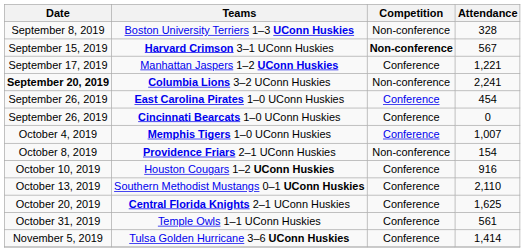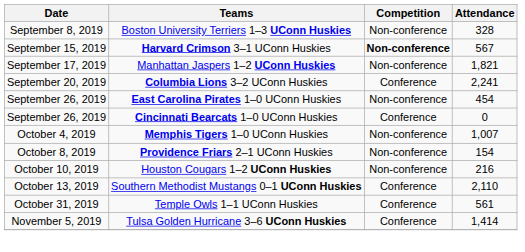 <table class="wikitable" style="font-size: 95%;text-align: center;">
 <tr>
 <th>Date</th>
 <th>Teams</th>
 <th>Competition</th>
 <th>Attendance</th>
 </tr>
 <tr>
 <td>September 8, 2019</td>
 <td><a href='#'>Boston University Terriers</a> 1–3 <strong><a href='#'>UConn Huskies</a></strong></td>
 <td>Non-conference</td>
 <td>328</td>
 </tr>
 <tr>
 <td>September 15, 2019</td>
 <td><strong><a href='#'>Harvard Crimson</a></strong> 3–1 UConn Huskies</td>
 <td><strong>Non-conference</strong></td>
 <td>567</td>
 </tr>
 <tr>
 <td>September 17, 2019</td>
 <td><a href='#'>Manhattan Jaspers</a> 1–2 <strong><a href='#'>UConn Huskies</a></strong></td>
-<td>Conference</td>
-<td>1,221</td>
+<td>Non-conference</td>
+<td>1,821</td>
 </tr>
 <tr>
-<td><strong>September 20, 2019</strong></td>
+<td>September 20, 2019</td>
 <td><strong><a href='#'>Columbia Lions</a></strong> 3–2 UConn Huskies</td>
-<td>Non-conference</td>
+<td>Conference</td>
 <td>2,241</td>
 </tr>
 <tr>
 <td>September 26, 2019</td>
 <td><strong><a href='#'>East Carolina Pirates</a></strong> 1–0 UConn Huskies</td>
-<td><a href='#'>Conference</a></td>
+<td>Non-conference</td>
 <td>454</td>
 </tr>
 <tr>
 <td>September 26, 2019</td>
 <td><strong><a href='#'>Cincinnati Bearcats</a></strong> 1–0 UConn Huskies</td>
 <td>Conference</td>
 <td>0</td>
 </tr>
 <tr>
 <td>October 4, 2019</td>
 <td><strong><a href='#'>Memphis Tigers</a></strong> 1–0 UConn Huskies</td>
-<td><a href='#'>Conference</a></td>
+<td>Non-conference</td>
 <td>1,007</td>
 </tr>
 <tr>
 <td>October 8, 2019</td>
 <td><strong><a href='#'>Providence Friars</a></strong> 2–1 UConn Huskies</td>
 <td>Non-conference</td>
 <td>154</td>
 </tr>
 <tr>
 <td>October 10, 2019</td>
 <td><a href='#'>Houston Cougars</a> 1–2 <strong>UConn Huskies</strong></td>
-<td>Conference</td>
-<td>916</td>
+<td>Non-conference</td>
+<td>216</td>
 </tr>
 <tr>
 <td>October 13, 2019</td>
 <td><a href='#'>Southern Methodist Mustangs</a> 0–1 <strong>UConn Huskies</strong></td>
 <td>Conference</td>
 <td>2,110</td>
-</tr>
-<tr>
-<td>October 20, 2019</td>
-<td><strong><a href='#'>Central Florida Knights</a></strong> 2–1 UConn Huskies</td>
-<td>Conference</td>
-<td>1,625</td>
 </tr>
 <tr>
 <td>October 31, 2019</td>
 <td><a href='#'>Temple Owls</a> 1–1 UConn Huskies</td>
 <td>Conference</td>
 <td>561</td>
 </tr>
 <tr>
 <td>November 5, 2019</td>
 <td><a href='#'>Tulsa Golden Hurricane</a> 3–6 <strong>UConn Huskies</strong></td>
 <td>Conference</td>
 <td>1,414</td>
 </tr>
 <tr>
 </tr>
 </table>
